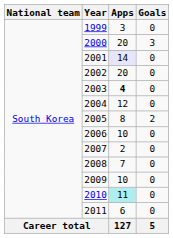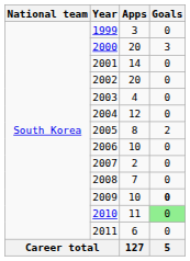 <table class="wikitable" style="text-align:center">
 <tr>
 <th>National team</th>
 <th>Year</th>
 <th>Apps</th>
 <th>Goals</th>
 </tr>
 <tr>
 <td rowspan="13"><a href='#'>South Korea</a></td>
 <td><a href='#'>1999</a></td>
 <td>3</td>
 <td>0</td>
 </tr>
 <tr>
 <td><a href='#'>2000</a></td>
 <td>20</td>
 <td>3</td>
 </tr>
 <tr>
 <td>2001</td>
-<td style="background: lavender;">14</td>
+<td>14</td>
 <td>0</td>
 </tr>
 <tr>
 <td>2002</td>
 <td>20</td>
 <td>0</td>
 </tr>
 <tr>
 <td>2003</td>
-<td><strong>4</strong></td>
+<td>4</td>
 <td>0</td>
 </tr>
 <tr>
 <td>2004</td>
 <td>12</td>
 <td>0</td>
 </tr>
 <tr>
 <td>2005</td>
 <td>8</td>
 <td>2</td>
 </tr>
 <tr>
 <td>2006</td>
 <td>10</td>
 <td>0</td>
 </tr>
 <tr>
 <td>2007</td>
 <td>2</td>
 <td>0</td>
 </tr>
 <tr>
 <td>2008</td>
 <td>7</td>
 <td>0</td>
 </tr>
 <tr>
 <td>2009</td>
 <td>10</td>
-<td>0</td>
+<td><strong>0</strong></td>
 </tr>
 <tr>
 <td><a href='#'>2010</a></td>
-<td style="background: paleturquoise;">11</td>
-<td>0</td>
+<td>11</td>
+<td style="background: lightgreen;">0</td>
 </tr>
 <tr>
 <td>2011</td>
 <td>6</td>
 <td>0</td>
 </tr>
 <tr>
 <th colspan="2">Career total</th>
 <th>127</th>
 <th>5</th>
 </tr>
 </table>
